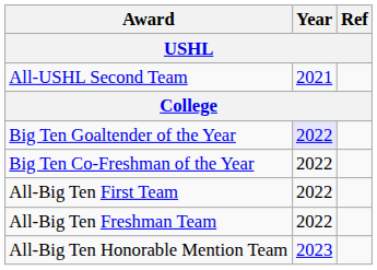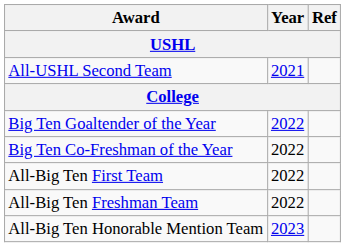 <table class="wikitable">
 <tr>
 <th>Award</th>
 <th>Year</th>
 <th>Ref</th>
 </tr>
 <tr>
 <th colspan="3"><a href='#'>USHL</a></th>
 </tr>
 <tr>
 <td><a href='#'>All-USHL Second Team</a></td>
 <td><a href='#'>2021</a></td>
 <td></td>
 </tr>
 <tr>
 <th colspan="3"><a href='#'>College</a></th>
 </tr>
 <tr>
 <td><a href='#'>Big Ten Goaltender of the Year</a></td>
-<td style="background: lavender;"><a href='#'>2022</a></td>
+<td><a href='#'>2022</a></td>
 <td></td>
 </tr>
 <tr>
 <td><a href='#'>Big Ten Co-Freshman of the Year</a></td>
 <td>2022</td>
 <td></td>
 </tr>
 <tr>
 <td>All-Big Ten <a href='#'>First Team</a></td>
 <td>2022</td>
 <td></td>
 </tr>
 <tr>
 <td>All-Big Ten <a href='#'>Freshman Team</a></td>
 <td>2022</td>
 <td></td>
 </tr>
 <tr>
 <td>All-Big Ten Honorable Mention Team</td>
 <td><a href='#'>2023</a></td>
 <td></td>
 </tr>
 </table>
